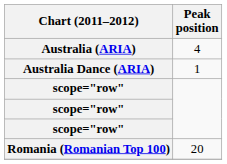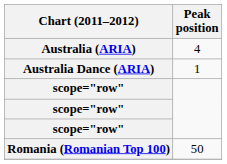 <table class="wikitable sortable plainrowheaders">
 <tr>
 <th scope="col">Chart (2011–2012)</th>
 <th scope="col">Peak<br>position</th>
 </tr>
 <tr>
 <th scope="row">Australia (<a href='#'>ARIA</a>)</th>
 <td style="text-align:center;">4</td>
 </tr>
 <tr>
 <th scope="row">Australia Dance (<a href='#'>ARIA</a>)</th>
 <td style="text-align:center;">1</td>
 </tr>
 <tr>
 <th>scope="row"</th>
 </tr>
 <tr>
 <th>scope="row"</th>
 </tr>
 <tr>
 <th>scope="row"</th>
 </tr>
 <tr>
 <th scope="row">Romania (<a href='#'>Romanian Top 100</a>)</th>
-<td style="text-align:center;">20</td>
+<td style="text-align:center;">50</td>
 </tr>
 <tr>
 </tr>
 </table>
